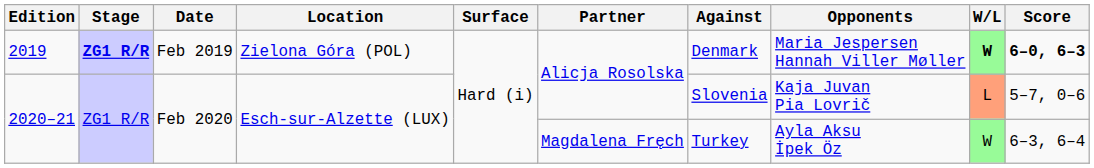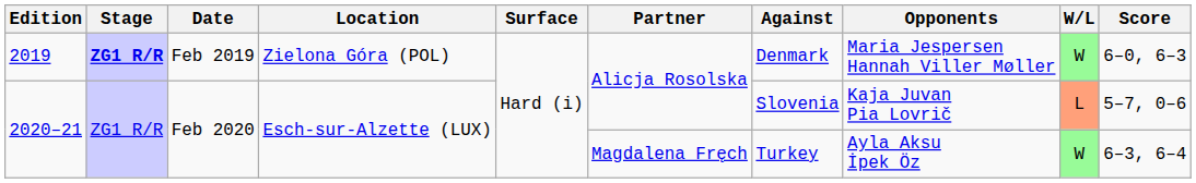 <table class=wikitable>
 <tr>
 <th>Edition</th>
 <th>Stage</th>
 <th>Date</th>
 <th>Location</th>
 <th>Surface</th>
 <th>Partner</th>
 <th>Against</th>
 <th>Opponents</th>
 <th>W/L</th>
 <th>Score</th>
 </tr>
 <tr>
 <td><a href='#'>2019</a></td>
 <td bgcolor=#ccf><strong><a href='#'>ZG1 R/R</a></strong></td>
 <td>Feb 2019</td>
 <td><a href='#'>Zielona Góra</a> (POL)</td>
 <td rowspan="3">Hard (i)</td>
 <td rowspan="2"><a href='#'>Alicja Rosolska</a></td>
 <td> <a href='#'>Denmark</a></td>
 <td><a href='#'>Maria Jespersen</a> <br> <a href='#'>Hannah Viller Møller</a></td>
-<td style="text-align:center; background:#98fb98;"><strong>W</strong></td>
-<td><strong>6–0, 6–3</strong></td>
+<td style="text-align:center; background:#98fb98;">W</td>
+<td>6–0, 6–3</td>
 </tr>
 <tr>
 <td rowspan="2"><a href='#'>2020–21</a></td>
 <td bgcolor=#ccf rowspan="2"><a href='#'>ZG1 R/R</a></td>
 <td rowspan="2">Feb 2020</td>
 <td rowspan="2"><a href='#'>Esch-sur-Alzette</a> (LUX)</td>
 <td> <a href='#'>Slovenia</a></td>
 <td><a href='#'>Kaja Juvan</a> <br> <a href='#'>Pia Lovrič</a></td>
 <td style="text-align:center; background:#ffa07a;">L</td>
 <td>5–7, 0–6</td>
 </tr>
 <tr>
 <td><a href='#'>Magdalena Fręch</a></td>
 <td> <a href='#'>Turkey</a></td>
 <td><a href='#'>Ayla Aksu</a> <br> <a href='#'>İpek Öz</a></td>
 <td style="text-align:center; background:#98fb98;">W</td>
 <td>6–3, 6–4</td>
 </tr>
 </table>
